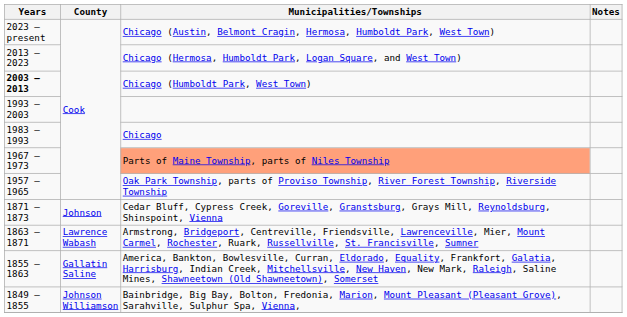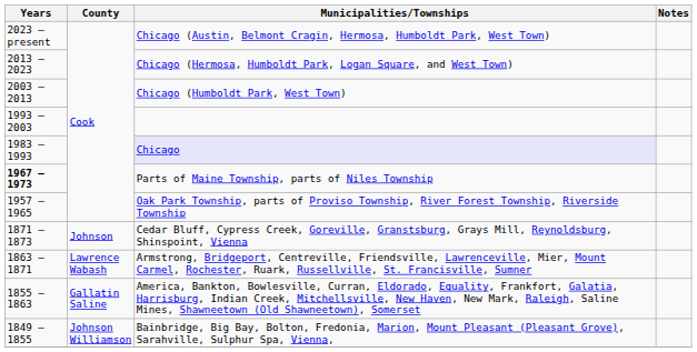 <table class=wikitable>
 <tr valign=bottom>
 <th>Years</th>
 <th>County</th>
 <th>Municipalities/Townships</th>
 <th>Notes</th>
 </tr>
 <tr>
 <td>2023 – present</td>
 <td rowspan=7><a href='#'>Cook</a></td>
 <td><a href='#'>Chicago</a> (<a href='#'>Austin</a>, <a href='#'>Belmont Cragin</a>, <a href='#'>Hermosa</a>, <a href='#'>Humboldt Park</a>, <a href='#'>West Town</a>)</td>
 <td></td>
 </tr>
 <tr>
 <td>2013 – 2023</td>
 <td><a href='#'>Chicago</a> (<a href='#'>Hermosa</a>, <a href='#'>Humboldt Park</a>, <a href='#'>Logan Square</a>, and <a href='#'>West Town</a>)</td>
 <td></td>
 </tr>
 <tr>
-<td><strong>2003 – 2013</strong></td>
+<td>2003 – 2013</td>
 <td><a href='#'>Chicago</a> (<a href='#'>Humboldt Park</a>, <a href='#'>West Town</a>)</td>
 <td></td>
 </tr>
 <tr>
 <td>1993 – 2003</td>
 <td></td>
 <td></td>
 </tr>
 <tr>
 <td>1983 – 1993</td>
-<td><a href='#'>Chicago</a></td>
+<td style="background: lavender;"><a href='#'>Chicago</a></td>
 <td></td>
 </tr>
 <tr>
-<td>1967 – 1973</td>
-<td style="background: lightsalmon;">Parts of <a href='#'>Maine Township</a>, parts of <a href='#'>Niles Township</a></td>
+<td><strong>1967 – 1973</strong></td>
+<td>Parts of <a href='#'>Maine Township</a>, parts of <a href='#'>Niles Township</a></td>
 <td></td>
 </tr>
 <tr>
 <td>1957 – 1965</td>
 <td><a href='#'>Oak Park Township</a>, parts of <a href='#'>Proviso Township</a>, <a href='#'>River Forest Township</a>, <a href='#'>Riverside Township</a></td>
 <td></td>
 </tr>
 <tr>
 <td>1871 – 1873</td>
 <td><a href='#'>Johnson</a></td>
 <td>Cedar Bluff, Cypress Creek, <a href='#'>Goreville</a>, <a href='#'>Granstsburg</a>, Grays Mill, <a href='#'>Reynoldsburg</a>, Shinspoint, <a href='#'>Vienna</a></td>
 <td></td>
 </tr>
 <tr>
 <td>1863 – 1871</td>
 <td><a href='#'>Lawrence</a><br><a href='#'>Wabash</a></td>
 <td>Armstrong, <a href='#'>Bridgeport</a>, Centreville, Friendsville, <a href='#'>Lawrenceville</a>, Mier, <a href='#'>Mount Carmel</a>, <a href='#'>Rochester</a>, Ruark, <a href='#'>Russellville</a>, <a href='#'>St. Francisville</a>, <a href='#'>Sumner</a></td>
 <td></td>
 </tr>
 <tr>
 <td>1855 – 1863</td>
 <td><a href='#'>Gallatin</a><br><a href='#'>Saline</a></td>
 <td>America, Bankton, Bowlesville, Curran, <a href='#'>Eldorado</a>, <a href='#'>Equality</a>, Frankfort, <a href='#'>Galatia</a>, <a href='#'>Harrisburg</a>, Indian Creek, <a href='#'>Mitchellsville</a>, <a href='#'>New Haven</a>, New Mark, <a href='#'>Raleigh</a>, Saline Mines, <a href='#'>Shawneetown (Old Shawneetown)</a>, <a href='#'>Somerset</a></td>
 <td></td>
 </tr>
 <tr>
 <td>1849 – 1855</td>
 <td><a href='#'>Johnson</a><br><a href='#'>Williamson</a></td>
 <td>Bainbridge, Big Bay, Bolton, Fredonia, <a href='#'>Marion</a>, <a href='#'>Mount Pleasant (Pleasant Grove)</a>, Sarahville, Sulphur Spa, <a href='#'>Vienna</a>,</td>
 <td></td>
 </tr>
 <tr>
 </tr>
 </table>
